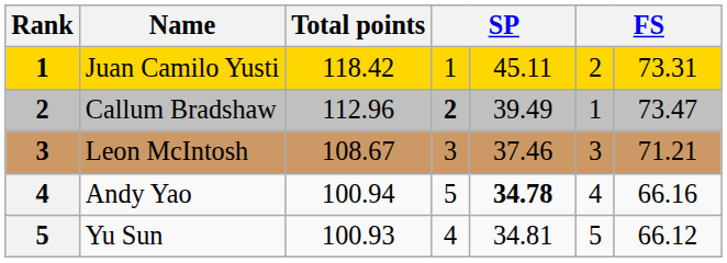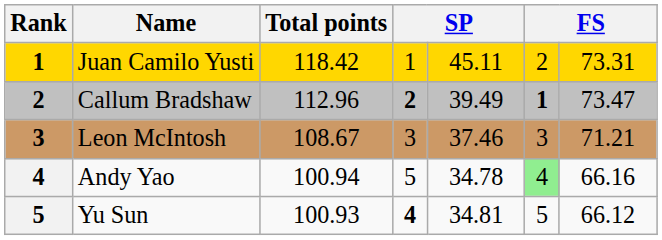 <table class="wikitable sortable">
 <tr>
 <th>Rank</th>
 <th>Name</th>
 <th>Total points</th>
 <th colspan="2" width="80px"><a href='#'>SP</a></th>
 <th colspan="2" width="80px"><a href='#'>FS</a></th>
 </tr>
 <tr bgcolor="gold">
 <td align="center"><strong>1</strong></td>
 <td>Juan Camilo Yusti</td>
 <td align="center">118.42</td>
 <td align="center">1</td>
 <td align="center">45.11</td>
 <td align="center">2</td>
 <td align="center">73.31</td>
 </tr>
 <tr bgcolor="silver">
 <td align="center"><strong>2</strong></td>
 <td>Callum Bradshaw</td>
 <td align="center">112.96</td>
 <td align="center"><strong>2</strong></td>
 <td align="center">39.49</td>
-<td align="center">1</td>
+<td align="center"><strong>1</strong></td>
 <td align="center">73.47</td>
 </tr>
 <tr bgcolor="cc9966">
 <td align="center"><strong>3</strong></td>
 <td>Leon McIntosh</td>
 <td align="center">108.67</td>
 <td align="center">3</td>
 <td align="center">37.46</td>
 <td align="center">3</td>
 <td align="center">71.21</td>
 </tr>
 <tr>
 <th>4</th>
 <td>Andy Yao</td>
 <td align="center">100.94</td>
 <td align="center">5</td>
-<td align="center"><strong>34.78</strong></td>
-<td align="center">4</td>
+<td align="center">34.78</td>
+<td align="center" style="background: lightgreen;">4</td>
 <td align="center">66.16</td>
 </tr>
 <tr>
 <th>5</th>
 <td>Yu Sun</td>
 <td align="center">100.93</td>
-<td align="center">4</td>
+<td align="center"><strong>4</strong></td>
 <td align="center">34.81</td>
 <td align="center">5</td>
 <td align="center">66.12</td>
 </tr>
 </table>
